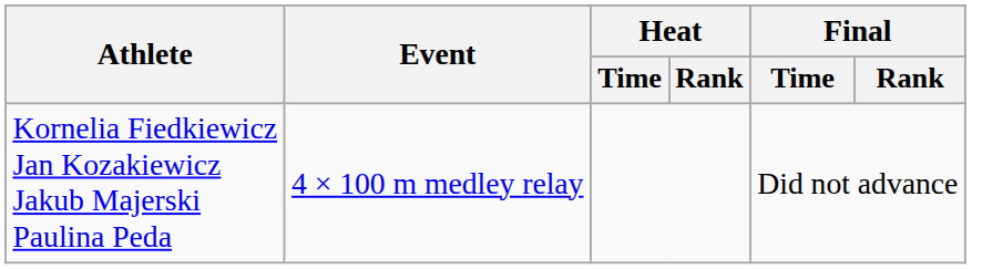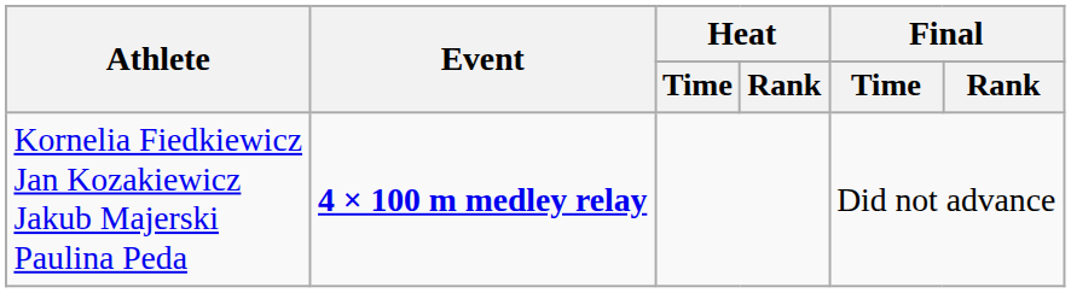 <table class="wikitable" style="text-align:center; font-size:90%">
 <tr>
 <th rowspan=2>Athlete</th>
 <th rowspan=2>Event</th>
 <th colspan=2>Heat</th>
 <th colspan=2>Final</th>
 </tr>
 <tr style="font-size:95%">
 <th>Time</th>
 <th>Rank</th>
 <th>Time</th>
 <th>Rank</th>
 </tr>
 <tr>
 <td align=left><a href='#'>Kornelia Fiedkiewicz</a><br><a href='#'>Jan Kozakiewicz</a><br><a href='#'>Jakub Majerski</a><br><a href='#'>Paulina Peda</a></td>
-<td align=left><a href='#'>4 × 100 m medley relay</a></td>
+<td align=left><strong><a href='#'>4 × 100 m medley relay</a></strong></td>
 <td colspan=2></td>
 <td colspan=2>Did not advance</td>
 </tr>
 </table>
